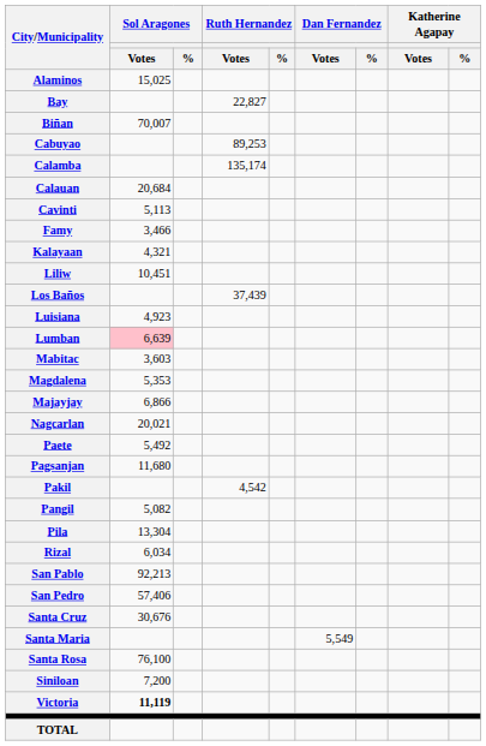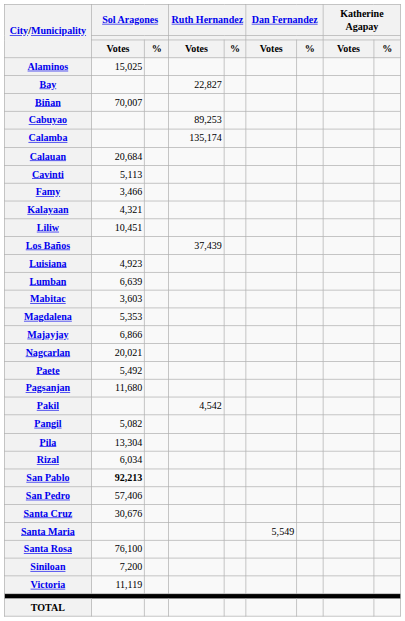 <table class="wikitable collapsible collapsed" style="text-align:right; font-size:95%; line-height:20px;">
 <tr>
 <th width="125" rowspan="3"><a href='#'>City</a>/<a href='#'>Municipality</a></th>
 <th width="110" colspan="2"><a href='#'>Sol Aragones</a></th>
 <th width="110" colspan="2"><a href='#'>Ruth Hernandez</a></th>
 <th width="110" colspan="2"><a href='#'>Dan Fernandez</a></th>
 <th width="110" colspan="2">Katherine Agapay</th>
 </tr>
 <tr>
 <th colspan="2" style="background:"></th>
 <th colspan="2" style="background:"></th>
 <th colspan="2" style="background:"></th>
 <th colspan="2" style="background:"></th>
 </tr>
 <tr>
 <th>Votes</th>
 <th>%</th>
 <th>Votes</th>
 <th>%</th>
 <th>Votes</th>
 <th>%</th>
 <th>Votes</th>
 <th>%</th>
 </tr>
 <tr>
 <th scope="row"><a href='#'>Alaminos</a></th>
 <td>15,025</td>
 <td></td>
 <td></td>
 <td></td>
 <td></td>
 <td></td>
 <td></td>
 <td></td>
 </tr>
 <tr>
 <th scope="row"><a href='#'>Bay</a></th>
 <td></td>
 <td></td>
 <td>22,827</td>
 <td></td>
 <td></td>
 <td></td>
 <td></td>
 <td></td>
 </tr>
 <tr>
 <th scope="row"><a href='#'>Biñan</a></th>
 <td>70,007</td>
 <td></td>
 <td></td>
 <td></td>
 <td></td>
 <td></td>
 <td></td>
 <td></td>
 </tr>
 <tr>
 <th scope="row"><a href='#'>Cabuyao</a></th>
 <td></td>
 <td></td>
 <td>89,253</td>
 <td></td>
 <td></td>
 <td></td>
 <td></td>
 <td></td>
 </tr>
 <tr>
 <th scope="row"><a href='#'>Calamba</a></th>
 <td></td>
 <td></td>
 <td>135,174</td>
 <td></td>
 <td></td>
 <td></td>
 <td></td>
 <td></td>
 </tr>
 <tr>
 <th scope="row"><a href='#'>Calauan</a></th>
 <td>20,684</td>
 <td></td>
 <td></td>
 <td></td>
 <td></td>
 <td></td>
 <td></td>
 <td></td>
 </tr>
 <tr>
 <th scope="row"><a href='#'>Cavinti</a></th>
 <td>5,113</td>
 <td></td>
 <td></td>
 <td></td>
 <td></td>
 <td></td>
 <td></td>
 <td></td>
 </tr>
 <tr>
 <th scope="row"><a href='#'>Famy</a></th>
 <td>3,466</td>
 <td></td>
 <td></td>
 <td></td>
 <td></td>
 <td></td>
 <td></td>
 <td></td>
 </tr>
 <tr>
 <th scope="row"><a href='#'>Kalayaan</a></th>
 <td>4,321</td>
 <td></td>
 <td></td>
 <td></td>
 <td></td>
 <td></td>
 <td></td>
 <td></td>
 </tr>
 <tr>
 <th scope="row"><a href='#'>Liliw</a></th>
 <td>10,451</td>
 <td></td>
 <td></td>
 <td></td>
 <td></td>
 <td></td>
 <td></td>
 <td></td>
 </tr>
 <tr>
 <th scope="row"><a href='#'>Los Baños</a></th>
 <td></td>
 <td></td>
 <td>37,439</td>
 <td></td>
 <td></td>
 <td></td>
 <td></td>
 <td></td>
 </tr>
 <tr>
 <th scope="row"><a href='#'>Luisiana</a></th>
 <td>4,923</td>
 <td></td>
 <td></td>
 <td></td>
 <td></td>
 <td></td>
 <td></td>
 <td></td>
 </tr>
 <tr>
 <th scope="row"><a href='#'>Lumban</a></th>
-<td style="background: pink;">6,639</td>
+<td>6,639</td>
 <td></td>
 <td></td>
 <td></td>
 <td></td>
 <td></td>
 <td></td>
 <td></td>
 </tr>
 <tr>
 <th scope="row"><a href='#'>Mabitac</a></th>
 <td>3,603</td>
 <td></td>
 <td></td>
 <td></td>
 <td></td>
 <td></td>
 <td></td>
 <td></td>
 </tr>
 <tr>
 <th scope="row"><a href='#'>Magdalena</a></th>
 <td>5,353</td>
 <td></td>
 <td></td>
 <td></td>
 <td></td>
 <td></td>
 <td></td>
 <td></td>
 </tr>
 <tr>
 <th scope="row"><a href='#'>Majayjay</a></th>
 <td>6,866</td>
 <td></td>
 <td></td>
 <td></td>
 <td></td>
 <td></td>
 <td></td>
 <td></td>
 </tr>
 <tr>
 <th scope="row"><a href='#'>Nagcarlan</a></th>
 <td>20,021</td>
 <td></td>
 <td></td>
 <td></td>
 <td></td>
 <td></td>
 <td></td>
 <td></td>
 </tr>
 <tr>
 <th scope="row"><a href='#'>Paete</a></th>
 <td>5,492</td>
 <td></td>
 <td></td>
 <td></td>
 <td></td>
 <td></td>
 <td></td>
 <td></td>
 </tr>
 <tr>
 <th scope="row"><a href='#'>Pagsanjan</a></th>
 <td>11,680</td>
 <td></td>
 <td></td>
 <td></td>
 <td></td>
 <td></td>
 <td></td>
 <td></td>
 </tr>
 <tr>
 <th scope="row"><a href='#'>Pakil</a></th>
 <td></td>
 <td></td>
 <td>4,542</td>
 <td></td>
 <td></td>
 <td></td>
 <td></td>
 <td></td>
 </tr>
 <tr>
 <th scope="row"><a href='#'>Pangil</a></th>
 <td>5,082</td>
 <td></td>
 <td></td>
 <td></td>
 <td></td>
 <td></td>
 <td></td>
 <td></td>
 </tr>
 <tr>
 <th scope="row"><a href='#'>Pila</a></th>
 <td>13,304</td>
 <td></td>
 <td></td>
 <td></td>
 <td></td>
 <td></td>
 <td></td>
 <td></td>
 </tr>
 <tr>
 <th scope="row"><a href='#'>Rizal</a></th>
 <td>6,034</td>
 <td></td>
 <td></td>
 <td></td>
 <td></td>
 <td></td>
 <td></td>
 <td></td>
 </tr>
 <tr>
 <th scope="row"><a href='#'>San Pablo</a></th>
-<td>92,213</td>
+<td><strong>92,213</strong></td>
 <td></td>
 <td></td>
 <td></td>
 <td></td>
 <td></td>
 <td></td>
 <td></td>
 </tr>
 <tr>
 <th scope="row"><a href='#'>San Pedro</a></th>
 <td>57,406</td>
 <td></td>
 <td></td>
 <td></td>
 <td></td>
 <td></td>
 <td></td>
 <td></td>
 </tr>
 <tr>
 <th scope="row"><a href='#'>Santa Cruz</a></th>
 <td>30,676</td>
 <td></td>
 <td></td>
 <td></td>
 <td></td>
 <td></td>
 <td></td>
 <td></td>
 </tr>
 <tr>
 <th scope="row"><a href='#'>Santa Maria</a></th>
 <td></td>
 <td></td>
 <td></td>
 <td></td>
 <td>5,549</td>
 <td></td>
 <td></td>
 <td></td>
 </tr>
 <tr>
 <th scope="row"><a href='#'>Santa Rosa</a></th>
 <td>76,100</td>
 <td></td>
 <td></td>
 <td></td>
 <td></td>
 <td></td>
 <td></td>
 <td></td>
 </tr>
 <tr>
 <th scope="row"><a href='#'>Siniloan</a></th>
 <td>7,200</td>
 <td></td>
 <td></td>
 <td></td>
 <td></td>
 <td></td>
 <td></td>
 <td></td>
 </tr>
 <tr>
 <th scope="row"><a href='#'>Victoria</a></th>
-<td><strong>11,119</strong></td>
+<td>11,119</td>
 <td></td>
 <td></td>
 <td></td>
 <td></td>
 <td></td>
 <td></td>
 <td></td>
 </tr>
 <tr>
 <td colspan=9 bgcolor=black></td>
 </tr>
 <tr>
 <th scope="row">TOTAL</th>
 <td></td>
 <td></td>
 <td></td>
 <td></td>
 <td></td>
 <td></td>
 <td></td>
 <td></td>
 </tr>
 </table>
